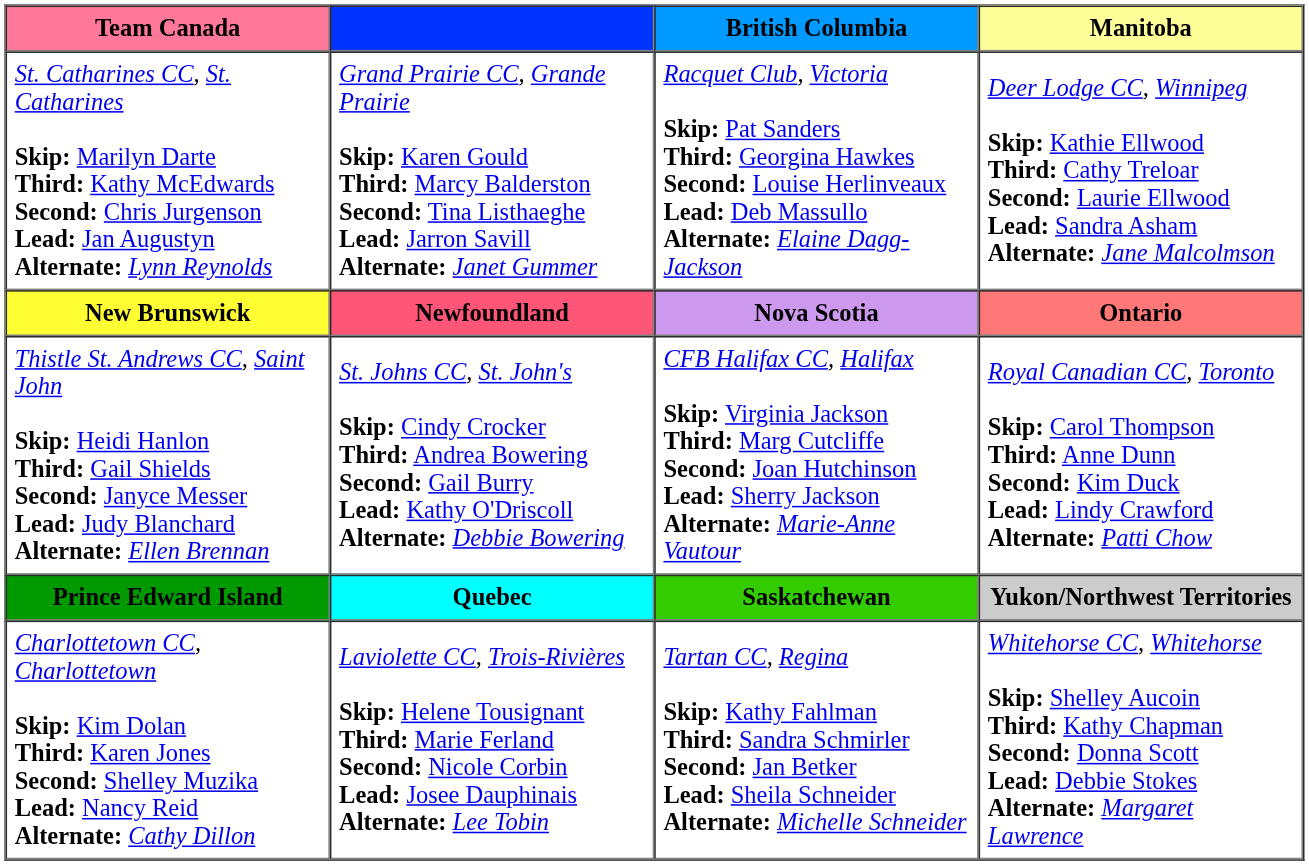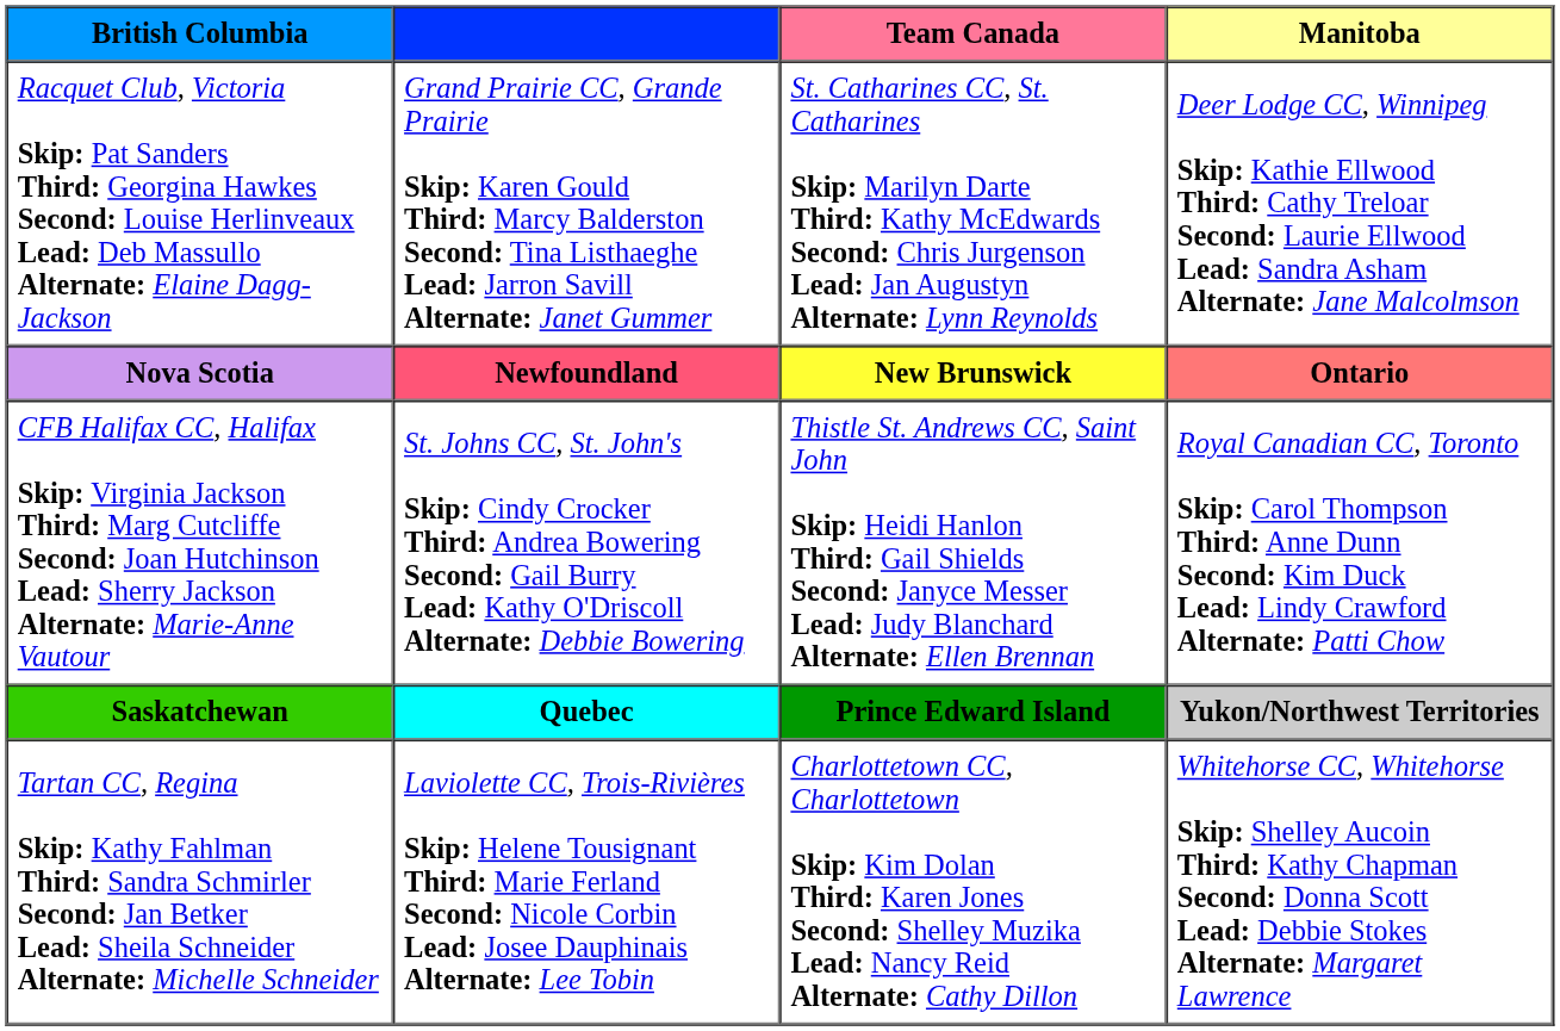 <table border=1 cellpadding=5 cellspacing=0>
 <tr>
+<th bgcolor="#0099ff" width="200">British Columbia</th>
+<th bgcolor="#0033ff" width="200"></th>
 <th bgcolor="#ff7799" width="200">Team Canada</th>
-<th bgcolor="#0033ff" width="200"></th>
-<th bgcolor="#0099ff" width="200">British Columbia</th>
 <th bgcolor="#ffff99" width="200">Manitoba</th>
 </tr>
 <tr align=center>
+<td align=left><em><a href='#'>Racquet Club</a>, <a href='#'>Victoria</a></em> <br><br><strong>Skip:</strong>  <a href='#'>Pat Sanders</a><br> <strong>Third:</strong> <a href='#'>Georgina Hawkes</a><br> <strong>Second:</strong> <a href='#'>Louise Herlinveaux</a><br> <strong>Lead:</strong> <a href='#'>Deb Massullo</a><br> <strong>Alternate:</strong> <em><a href='#'>Elaine Dagg-Jackson</a></em></td>
+<td align=left><em><a href='#'>Grand Prairie CC</a>, <a href='#'>Grande Prairie</a></em> <br><br><strong>Skip:</strong>  <a href='#'>Karen Gould</a><br> <strong>Third:</strong> <a href='#'>Marcy Balderston</a><br> <strong>Second:</strong> <a href='#'>Tina Listhaeghe</a><br> <strong>Lead:</strong> <a href='#'>Jarron Savill</a><br> <strong>Alternate:</strong> <em><a href='#'>Janet Gummer</a></em></td>
 <td align=left><em><a href='#'>St. Catharines CC</a>, <a href='#'>St. Catharines</a></em> <br><br><strong>Skip:</strong>  <a href='#'>Marilyn Darte</a><br> <strong>Third:</strong> <a href='#'>Kathy McEdwards</a><br> <strong>Second:</strong> <a href='#'>Chris Jurgenson</a><br> <strong>Lead:</strong> <a href='#'>Jan Augustyn</a><br> <strong>Alternate:</strong> <em><a href='#'>Lynn Reynolds</a></em></td>
-<td align=left><em><a href='#'>Grand Prairie CC</a>, <a href='#'>Grande Prairie</a></em> <br><br><strong>Skip:</strong>  <a href='#'>Karen Gould</a><br> <strong>Third:</strong> <a href='#'>Marcy Balderston</a><br> <strong>Second:</strong> <a href='#'>Tina Listhaeghe</a><br> <strong>Lead:</strong> <a href='#'>Jarron Savill</a><br> <strong>Alternate:</strong> <em><a href='#'>Janet Gummer</a></em></td>
-<td align=left><em><a href='#'>Racquet Club</a>, <a href='#'>Victoria</a></em> <br><br><strong>Skip:</strong>  <a href='#'>Pat Sanders</a><br> <strong>Third:</strong> <a href='#'>Georgina Hawkes</a><br> <strong>Second:</strong> <a href='#'>Louise Herlinveaux</a><br> <strong>Lead:</strong> <a href='#'>Deb Massullo</a><br> <strong>Alternate:</strong> <em><a href='#'>Elaine Dagg-Jackson</a></em></td>
 <td align=left><em><a href='#'>Deer Lodge CC</a>, <a href='#'>Winnipeg</a></em> <br><br><strong>Skip:</strong>  <a href='#'>Kathie Ellwood</a><br> <strong>Third:</strong> <a href='#'>Cathy Treloar</a><br> <strong>Second:</strong> <a href='#'>Laurie Ellwood</a><br> <strong>Lead:</strong> <a href='#'>Sandra Asham</a><br> <strong>Alternate:</strong> <em><a href='#'>Jane Malcolmson</a></em></td>
 </tr>
 <tr border=1 cellpadding=5 cellspacing=0>
+<th bgcolor="#cc99ee" width="200">Nova Scotia</th>
+<th bgcolor="#ff5577" width="200">Newfoundland</th>
 <th bgcolor="#ffff33" width="200">New Brunswick</th>
-<th bgcolor="#ff5577" width="200">Newfoundland</th>
-<th bgcolor="#cc99ee" width="200">Nova Scotia</th>
 <th bgcolor="#ff7777" width="200">Ontario</th>
 </tr>
 <tr align=center>
+<td align=left><em><a href='#'>CFB Halifax CC</a>, <a href='#'>Halifax</a></em> <br><br><strong>Skip:</strong>  <a href='#'>Virginia Jackson</a><br> <strong>Third:</strong> <a href='#'>Marg Cutcliffe</a><br> <strong>Second:</strong> <a href='#'>Joan Hutchinson</a><br> <strong>Lead:</strong> <a href='#'>Sherry Jackson</a><br> <strong>Alternate:</strong> <em><a href='#'>Marie-Anne Vautour</a></em></td>
+<td align=left><em><a href='#'>St. Johns CC</a>, <a href='#'>St. John's</a></em> <br><br><strong>Skip:</strong>  <a href='#'>Cindy Crocker</a> <br> <strong>Third:</strong> <a href='#'>Andrea Bowering</a><br> <strong>Second:</strong> <a href='#'>Gail Burry</a><br> <strong>Lead:</strong> <a href='#'>Kathy O'Driscoll</a><br> <strong>Alternate:</strong> <em><a href='#'>Debbie Bowering</a></em></td>
 <td align=left><em><a href='#'>Thistle St. Andrews CC</a>, <a href='#'>Saint John</a></em> <br><br><strong>Skip:</strong>  <a href='#'>Heidi Hanlon</a><br> <strong>Third:</strong> <a href='#'>Gail Shields</a><br> <strong>Second:</strong> <a href='#'>Janyce Messer</a><br> <strong>Lead:</strong> <a href='#'>Judy Blanchard</a><br> <strong>Alternate:</strong> <em><a href='#'>Ellen Brennan</a></em></td>
-<td align=left><em><a href='#'>St. Johns CC</a>, <a href='#'>St. John's</a></em> <br><br><strong>Skip:</strong>  <a href='#'>Cindy Crocker</a> <br> <strong>Third:</strong> <a href='#'>Andrea Bowering</a><br> <strong>Second:</strong> <a href='#'>Gail Burry</a><br> <strong>Lead:</strong> <a href='#'>Kathy O'Driscoll</a><br> <strong>Alternate:</strong> <em><a href='#'>Debbie Bowering</a></em></td>
-<td align=left><em><a href='#'>CFB Halifax CC</a>, <a href='#'>Halifax</a></em> <br><br><strong>Skip:</strong>  <a href='#'>Virginia Jackson</a><br> <strong>Third:</strong> <a href='#'>Marg Cutcliffe</a><br> <strong>Second:</strong> <a href='#'>Joan Hutchinson</a><br> <strong>Lead:</strong> <a href='#'>Sherry Jackson</a><br> <strong>Alternate:</strong> <em><a href='#'>Marie-Anne Vautour</a></em></td>
 <td align=left><em><a href='#'>Royal Canadian CC</a>, <a href='#'>Toronto</a></em> <br><br><strong>Skip:</strong>  <a href='#'>Carol Thompson</a><br> <strong>Third:</strong> <a href='#'>Anne Dunn</a><br> <strong>Second:</strong> <a href='#'>Kim Duck</a><br> <strong>Lead:</strong> <a href='#'>Lindy Crawford</a><br> <strong>Alternate:</strong> <em><a href='#'>Patti Chow</a></em></td>
 </tr>
 <tr border=1 cellpadding=5 cellspacing=0>
+<th bgcolor="#33cc00" width="200">Saskatchewan</th>
+<th bgcolor="#00ffff" width="200">Quebec</th>
 <th bgcolor="#009900" width="200">Prince Edward Island</th>
-<th bgcolor="#00ffff" width="200">Quebec</th>
-<th bgcolor="#33cc00" width="200">Saskatchewan</th>
 <th bgcolor="#cccccc" width="200">Yukon/Northwest Territories</th>
 </tr>
 <tr align=center>
+<td align=left><em><a href='#'>Tartan CC</a>, <a href='#'>Regina</a></em> <br><br><strong>Skip:</strong>  <a href='#'>Kathy Fahlman</a><br> <strong>Third:</strong> <a href='#'>Sandra Schmirler</a><br> <strong>Second:</strong> <a href='#'>Jan Betker</a><br> <strong>Lead:</strong> <a href='#'>Sheila Schneider</a><br> <strong>Alternate:</strong> <em><a href='#'>Michelle Schneider</a></em></td>
+<td align=left><em><a href='#'>Laviolette CC</a>, <a href='#'>Trois-Rivières</a></em> <br><br><strong>Skip:</strong>  <a href='#'>Helene Tousignant</a><br> <strong>Third:</strong> <a href='#'>Marie Ferland</a><br> <strong>Second:</strong> <a href='#'>Nicole Corbin</a><br> <strong>Lead:</strong> <a href='#'>Josee Dauphinais</a><br> <strong>Alternate:</strong> <em><a href='#'>Lee Tobin</a></em></td>
 <td align=left><em><a href='#'>Charlottetown CC</a>, <a href='#'>Charlottetown</a></em> <br><br><strong>Skip:</strong>  <a href='#'>Kim Dolan</a><br> <strong>Third:</strong> <a href='#'>Karen Jones</a><br> <strong>Second:</strong> <a href='#'>Shelley Muzika</a><br> <strong>Lead:</strong> <a href='#'>Nancy Reid</a><br> <strong>Alternate:</strong> <em><a href='#'>Cathy Dillon</a></em></td>
-<td align=left><em><a href='#'>Laviolette CC</a>, <a href='#'>Trois-Rivières</a></em> <br><br><strong>Skip:</strong>  <a href='#'>Helene Tousignant</a><br> <strong>Third:</strong> <a href='#'>Marie Ferland</a><br> <strong>Second:</strong> <a href='#'>Nicole Corbin</a><br> <strong>Lead:</strong> <a href='#'>Josee Dauphinais</a><br> <strong>Alternate:</strong> <em><a href='#'>Lee Tobin</a></em></td>
-<td align=left><em><a href='#'>Tartan CC</a>, <a href='#'>Regina</a></em> <br><br><strong>Skip:</strong>  <a href='#'>Kathy Fahlman</a><br> <strong>Third:</strong> <a href='#'>Sandra Schmirler</a><br> <strong>Second:</strong> <a href='#'>Jan Betker</a><br> <strong>Lead:</strong> <a href='#'>Sheila Schneider</a><br> <strong>Alternate:</strong> <em><a href='#'>Michelle Schneider</a></em></td>
 <td align=left><em><a href='#'>Whitehorse CC</a>, <a href='#'>Whitehorse</a></em> <br><br><strong>Skip:</strong>  <a href='#'>Shelley Aucoin</a><br> <strong>Third:</strong> <a href='#'>Kathy Chapman</a><br> <strong>Second:</strong> <a href='#'>Donna Scott</a><br> <strong>Lead:</strong> <a href='#'>Debbie Stokes</a><br> <strong>Alternate:</strong> <em><a href='#'>Margaret Lawrence</a></em></td>
 </tr>
 </table>
